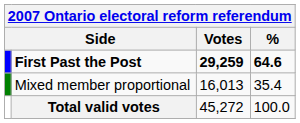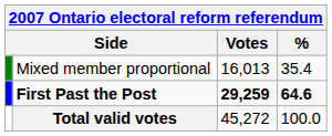 <table class="wikitable" style="font-size: 95%; clear:both">
 <tr style="background-color:#E9E9E9">
 <th colspan=4><a href='#'>2007 Ontario electoral reform referendum</a></th>
 </tr>
 <tr style="background-color:#E9E9E9">
 <th colspan=2 style="width: 130px">Side</th>
 <th style="width: 50px">Votes</th>
 <th style="width: 40px">%</th>
 </tr>
 <tr>
+<td bgcolor="green"></td>
+<td>Mixed member proportional</td>
+<td>16,013</td>
+<td>35.4</td>
+</tr>
+<tr>
 <td bgcolor="blue"></td>
 <td><strong>First Past the Post</strong></td>
 <td><strong>29,259</strong></td>
 <td><strong>64.6</strong></td>
-</tr>
-<tr>
-<td bgcolor="green"></td>
-<td>Mixed member proportional</td>
-<td>16,013</td>
-<td>35.4</td>
 </tr>
 <tr>
 <td bgcolor="white"></td>
 <th>Total valid votes</th>
 <td>45,272</td>
 <td>100.0</td>
 </tr>
 </table>
